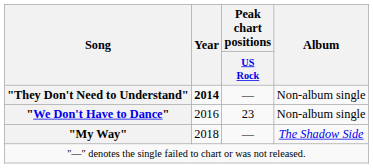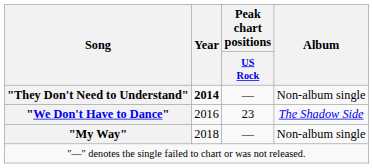 <table class="wikitable plainrowheaders" style="text-align:center">
 <tr>
 <th rowspan="2">Song</th>
 <th rowspan="2">Year</th>
 <th>Peak<br>chart<br>positions</th>
 <th rowspan="2">Album</th>
 </tr>
 <tr>
 <th><small><a href='#'>US<br>Rock</a></small><br></th>
 </tr>
 <tr>
 <th scope="row">"They Don't Need to Understand"</th>
 <td><strong>2014</strong></td>
 <td>—</td>
 <td>Non-album single</td>
 </tr>
 <tr>
 <th scope="row">"<a href='#'>We Don't Have to Dance</a>"</th>
 <td>2016</td>
 <td>23</td>
-<td>Non-album single</td>
+<td><em><a href='#'>The Shadow Side</a></em></td>
 </tr>
 <tr>
 <th scope="row">"My Way"</th>
 <td>2018</td>
 <td>—</td>
-<td><em><a href='#'>The Shadow Side</a></em></td>
+<td>Non-album single</td>
 </tr>
 <tr>
 <td colspan="4"><small>"—" denotes the single failed to chart or was not released.</small></td>
 </tr>
 </table>
